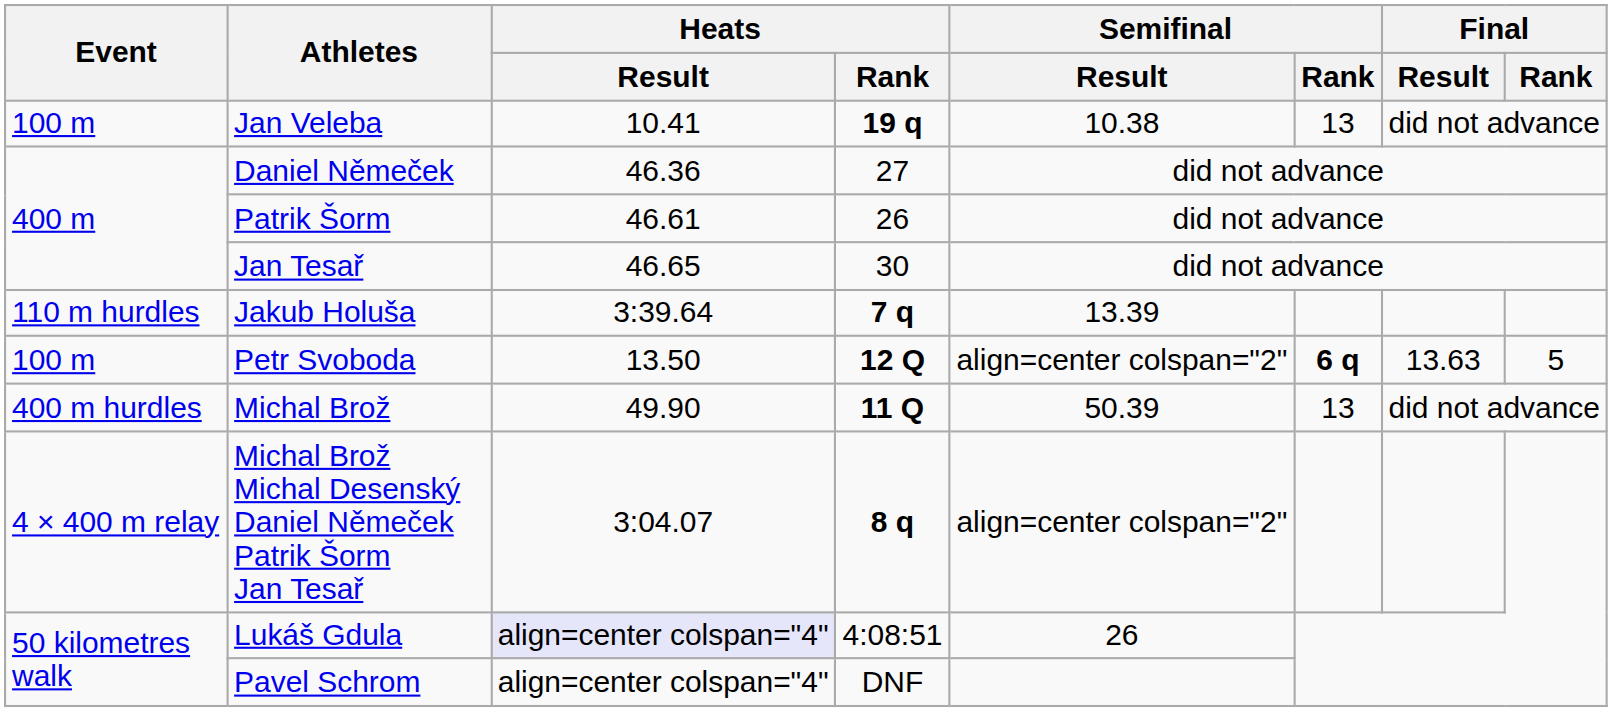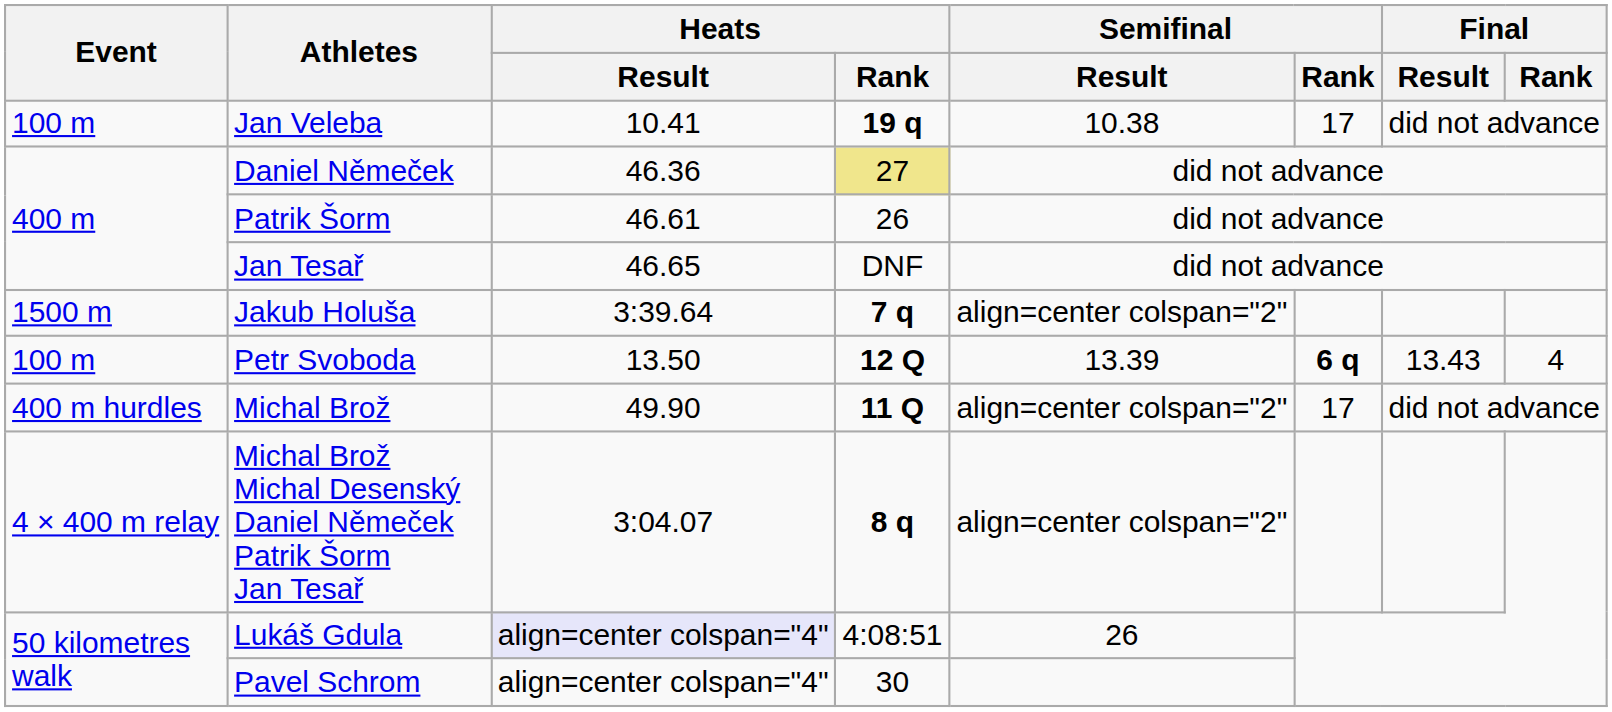 <table class="wikitable" border="1" style="font-size:90%">
 <tr>
 <th rowspan="2" width=100>Event</th>
 <th rowspan="2" width=120>Athletes</th>
 <th colspan="2">Heats</th>
 <th colspan="2">Semifinal</th>
 <th colspan="2">Final</th>
 </tr>
 <tr>
 <th>Result</th>
 <th>Rank</th>
 <th>Result</th>
 <th>Rank</th>
 <th>Result</th>
 <th>Rank</th>
 </tr>
 <tr>
 <td><a href='#'>100 m</a></td>
 <td><a href='#'>Jan Veleba</a></td>
 <td align=center>10.41</td>
 <td align=center><strong>19 q</strong></td>
 <td align=center>10.38</td>
-<td align=center>13</td>
+<td align=center>17</td>
 <td align=center colspan="2">did not advance</td>
 </tr>
 <tr>
 <td rowspan=3><a href='#'>400 m</a></td>
 <td><a href='#'>Daniel Němeček</a></td>
 <td align=center>46.36</td>
-<td align=center>27</td>
+<td align=center style="background: khaki;">27</td>
 <td align=center colspan="4">did not advance</td>
 </tr>
 <tr>
 <td><a href='#'>Patrik Šorm</a></td>
 <td align=center>46.61</td>
 <td align=center>26</td>
 <td align=center colspan="4">did not advance</td>
 </tr>
 <tr>
 <td><a href='#'>Jan Tesař</a></td>
 <td align=center>46.65</td>
-<td align=center>30</td>
+<td align=center>DNF</td>
 <td align=center colspan="4">did not advance</td>
 </tr>
 <tr>
-<td><a href='#'>110 m hurdles</a></td>
+<td><a href='#'>1500 m</a></td>
 <td><a href='#'>Jakub Holuša</a></td>
 <td align=center>3:39.64</td>
 <td align=center><strong>7 q</strong></td>
-<td align=center>13.39</td>
+<td>align=center colspan="2" </td>
 <td align=center></td>
 <td align=center></td>
 </tr>
 <tr>
 <td><a href='#'>100 m</a></td>
 <td><a href='#'>Petr Svoboda</a></td>
 <td align=center>13.50</td>
 <td align=center><strong>12 Q</strong></td>
-<td>align=center colspan="2" </td>
+<td align=center>13.39</td>
 <td align=center><strong>6 q</strong></td>
-<td align=center>13.63</td>
-<td align=center>5</td>
+<td align=center>13.43</td>
+<td align=center>4</td>
 </tr>
 <tr>
 <td><a href='#'>400 m hurdles</a></td>
 <td><a href='#'>Michal Brož</a></td>
 <td align=center>49.90</td>
 <td align=center><strong>11 Q</strong></td>
-<td align=center>50.39</td>
-<td align=center>13</td>
+<td>align=center colspan="2" </td>
+<td align=center>17</td>
 <td align=center colspan="2">did not advance</td>
 </tr>
 <tr>
 <td><a href='#'>4 × 400 m relay</a></td>
 <td><a href='#'>Michal Brož</a><br><a href='#'>Michal Desenský </a><br><a href='#'>Daniel Němeček</a><br><a href='#'>Patrik Šorm </a><br><a href='#'>Jan Tesař </a></td>
 <td align=center>3:04.07</td>
 <td align=center><strong>8 q</strong></td>
 <td>align=center colspan="2" </td>
 <td align=center></td>
 <td align=center></td>
 </tr>
 <tr>
 <td rowspan=3><a href='#'>50 kilometres walk</a></td>
 <td><a href='#'>Lukáš Gdula</a></td>
 <td style="background: lavender;">align=center colspan="4" </td>
 <td align=center>4:08:51</td>
 <td align=center>26</td>
 </tr>
 <tr>
 <td><a href='#'>Pavel Schrom</a></td>
 <td>align=center colspan="4" </td>
-<td align=center>DNF</td>
+<td align=center>30</td>
 <td align=center></td>
 </tr>
 </table>
